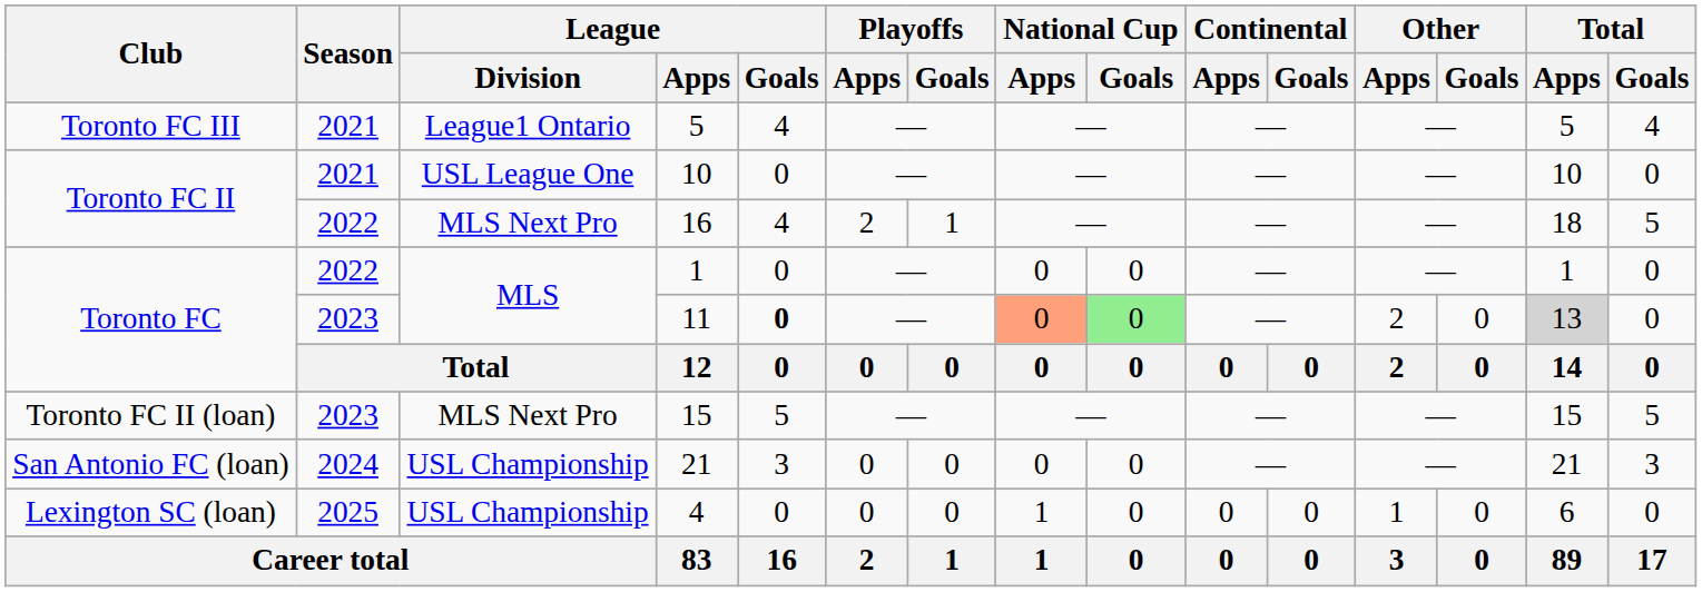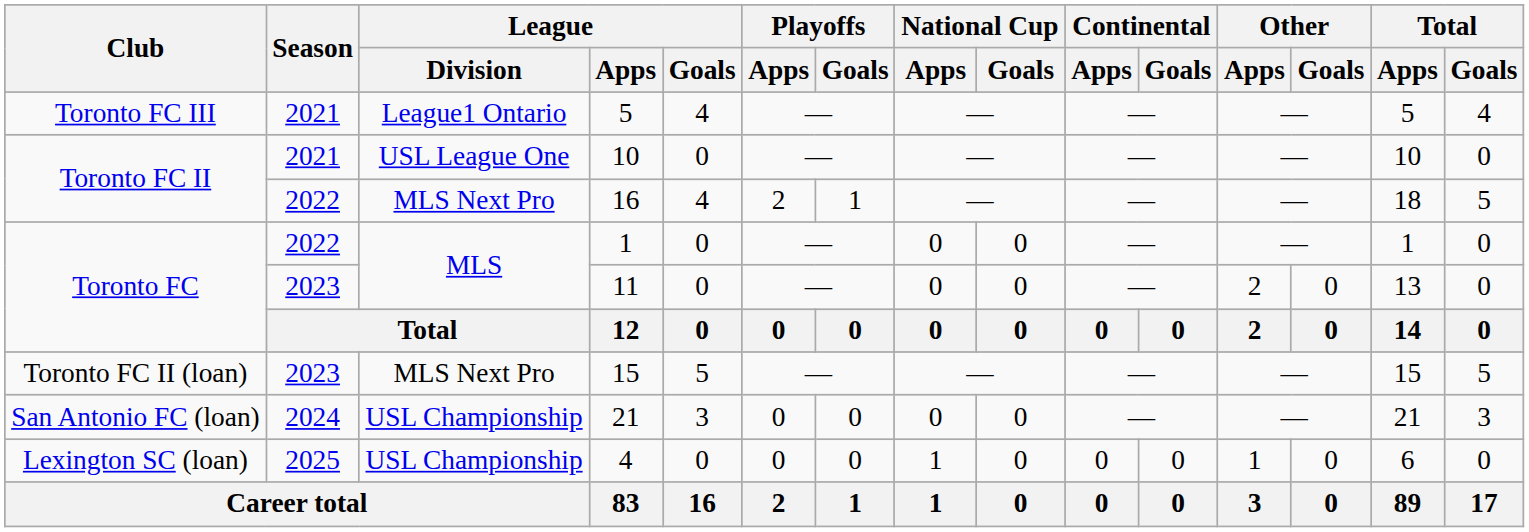 <table class="wikitable" style="text-align: center">
 <tr>
 <th rowspan="2">Club</th>
 <th rowspan="2">Season</th>
 <th colspan="3">League</th>
 <th colspan="2">Playoffs</th>
 <th colspan="2">National Cup</th>
 <th colspan="2">Continental</th>
 <th colspan="2">Other</th>
 <th colspan="2">Total</th>
 </tr>
 <tr>
 <th>Division</th>
 <th>Apps</th>
 <th>Goals</th>
 <th>Apps</th>
 <th>Goals</th>
 <th>Apps</th>
 <th>Goals</th>
 <th>Apps</th>
 <th>Goals</th>
 <th>Apps</th>
 <th>Goals</th>
 <th>Apps</th>
 <th>Goals</th>
 </tr>
 <tr>
 <td><a href='#'>Toronto FC III</a></td>
 <td><a href='#'>2021</a></td>
 <td><a href='#'>League1 Ontario</a></td>
 <td>5</td>
 <td>4</td>
 <td colspan="2">—</td>
 <td colspan="2">—</td>
 <td colspan="2">—</td>
 <td colspan="2">—</td>
 <td>5</td>
 <td>4</td>
 </tr>
 <tr>
 <td rowspan="2"><a href='#'>Toronto FC II</a></td>
 <td><a href='#'>2021</a></td>
 <td><a href='#'>USL League One</a></td>
 <td>10</td>
 <td>0</td>
 <td colspan="2">—</td>
 <td colspan="2">—</td>
 <td colspan="2">—</td>
 <td colspan="2">—</td>
 <td>10</td>
 <td>0</td>
 </tr>
 <tr>
 <td><a href='#'>2022</a></td>
 <td><a href='#'>MLS Next Pro</a></td>
 <td>16</td>
 <td>4</td>
 <td>2</td>
 <td>1</td>
 <td colspan="2">—</td>
 <td colspan="2">—</td>
 <td colspan="2">—</td>
 <td>18</td>
 <td>5</td>
 </tr>
 <tr>
 <td rowspan="3"><a href='#'>Toronto FC</a></td>
 <td><a href='#'>2022</a></td>
 <td rowspan="2"><a href='#'>MLS</a></td>
 <td>1</td>
 <td>0</td>
 <td colspan="2">—</td>
 <td>0</td>
 <td>0</td>
 <td colspan="2">—</td>
 <td colspan="2">—</td>
 <td>1</td>
 <td>0</td>
 </tr>
 <tr>
 <td><a href='#'>2023</a></td>
 <td>11</td>
-<td><strong>0</strong></td>
+<td>0</td>
 <td colspan="2">—</td>
-<td style="background: lightsalmon;">0</td>
-<td style="background: lightgreen;">0</td>
+<td>0</td>
+<td>0</td>
 <td colspan="2">—</td>
 <td>2</td>
 <td>0</td>
-<td style="background: lightgrey;">13</td>
+<td>13</td>
 <td>0</td>
 </tr>
 <tr>
 <th colspan="2">Total</th>
 <th>12</th>
 <th>0</th>
 <th>0</th>
 <th>0</th>
 <th>0</th>
 <th>0</th>
 <th>0</th>
 <th>0</th>
 <th>2</th>
 <th>0</th>
 <th>14</th>
 <th>0</th>
 </tr>
 <tr>
 <td>Toronto FC II (loan)</td>
 <td><a href='#'>2023</a></td>
 <td>MLS Next Pro</td>
 <td>15</td>
 <td>5</td>
 <td colspan="2">—</td>
 <td colspan="2">—</td>
 <td colspan="2">—</td>
 <td colspan="2">—</td>
 <td>15</td>
 <td>5</td>
 </tr>
 <tr>
 <td><a href='#'>San Antonio FC</a> (loan)</td>
 <td><a href='#'>2024</a></td>
 <td><a href='#'>USL Championship</a></td>
 <td>21</td>
 <td>3</td>
 <td>0</td>
 <td>0</td>
 <td>0</td>
 <td>0</td>
 <td colspan="2">—</td>
 <td colspan="2">—</td>
 <td>21</td>
 <td>3</td>
 </tr>
 <tr>
 <td><a href='#'>Lexington SC</a> (loan)</td>
 <td><a href='#'>2025</a></td>
 <td><a href='#'>USL Championship</a></td>
 <td>4</td>
 <td>0</td>
 <td>0</td>
 <td>0</td>
 <td>1</td>
 <td>0</td>
 <td>0</td>
 <td>0</td>
 <td>1</td>
 <td>0</td>
 <td>6</td>
 <td>0</td>
 </tr>
 <tr>
 <th colspan="3">Career total</th>
 <th>83</th>
 <th>16</th>
 <th>2</th>
 <th>1</th>
 <th>1</th>
 <th>0</th>
 <th>0</th>
 <th>0</th>
 <th>3</th>
 <th>0</th>
 <th>89</th>
 <th>17</th>
 </tr>
 </table>
